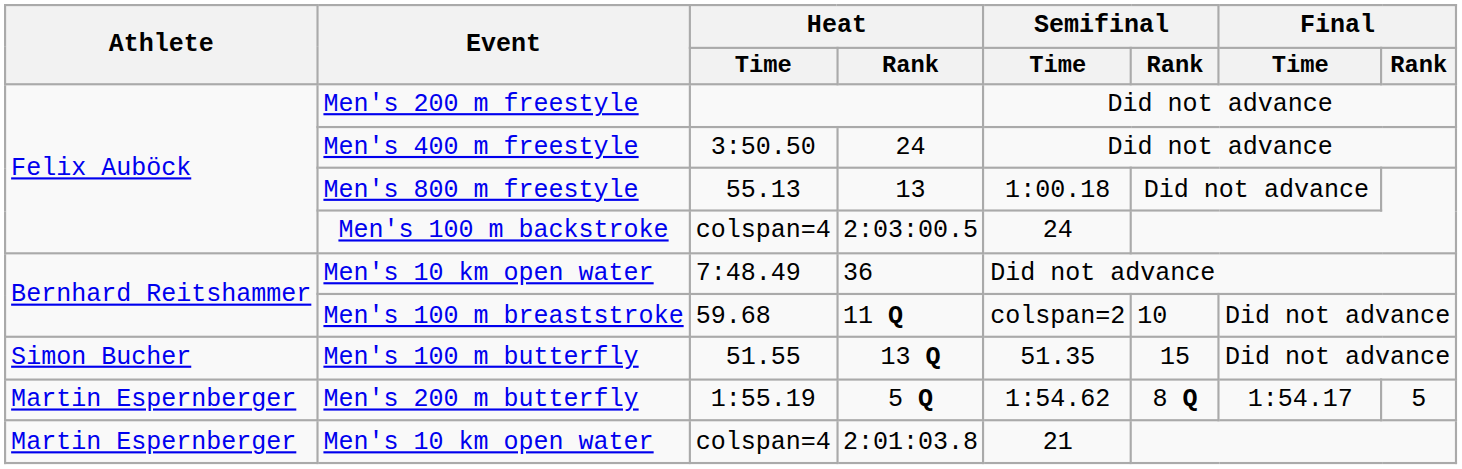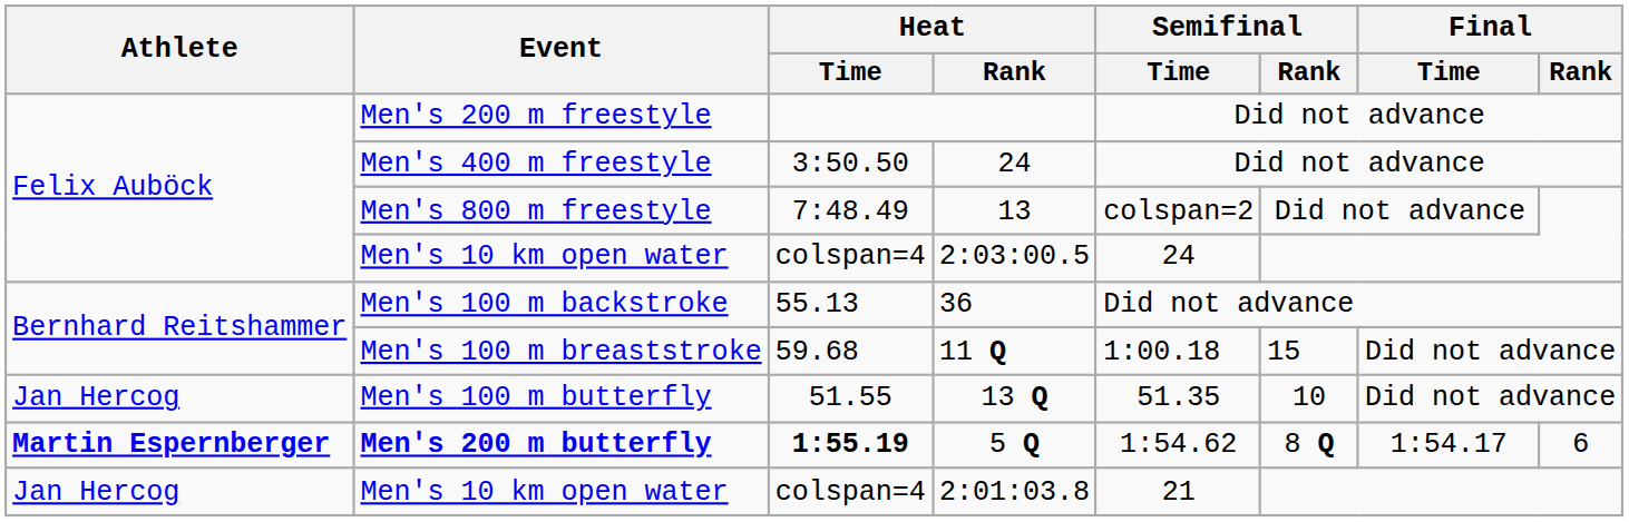 <table class=wikitable style="font-size:90%;">
 <tr>
 <th rowspan=2>Athlete</th>
 <th rowspan=2>Event</th>
 <th colspan=2>Heat</th>
 <th colspan=2>Semifinal</th>
 <th colspan=2>Final</th>
 </tr>
 <tr style="font-size:95%">
 <th>Time</th>
 <th>Rank</th>
 <th>Time</th>
 <th>Rank</th>
 <th>Time</th>
 <th>Rank</th>
 </tr>
 <tr align=center>
 <td align=left rowspan=4><a href='#'>Felix Auböck</a></td>
 <td align=left><a href='#'>Men's 200 m freestyle</a></td>
 <td colspan=2></td>
 <td colspan=4>Did not advance</td>
 </tr>
 <tr align=center>
 <td align=left><a href='#'>Men's 400 m freestyle</a></td>
 <td>3:50.50</td>
 <td>24</td>
 <td colspan=4>Did not advance</td>
 </tr>
 <tr align=center>
 <td align=left><a href='#'>Men's 800 m freestyle</a></td>
-<td>55.13</td>
+<td>7:48.49</td>
 <td>13</td>
-<td>1:00.18</td>
+<td>colspan=2 </td>
 <td colspan=2>Did not advance</td>
 </tr>
 <tr align=center>
-<td><a href='#'>Men's 100 m backstroke</a></td>
+<td align=left><a href='#'>Men's 10 km open water</a></td>
 <td>colspan=4 </td>
 <td>2:03:00.5</td>
 <td>24</td>
 </tr>
 <tr>
 <td rowspan="2"><a href='#'>Bernhard Reitshammer</a></td>
-<td align=left><a href='#'>Men's 10 km open water</a></td>
-<td>7:48.49</td>
+<td><a href='#'>Men's 100 m backstroke</a></td>
+<td>55.13</td>
 <td>36</td>
 <td colspan="4">Did not advance</td>
 </tr>
 <tr>
 <td><a href='#'>Men's 100 m breaststroke</a></td>
 <td>59.68</td>
 <td>11 <strong>Q</strong></td>
-<td>colspan=2 </td>
-<td>10</td>
+<td>1:00.18</td>
+<td>15</td>
 <td colspan="2">Did not advance</td>
 </tr>
 <tr align=center>
-<td align=left><a href='#'>Simon Bucher</a></td>
+<td align=left><a href='#'>Jan Hercog</a></td>
 <td align=left><a href='#'>Men's 100 m butterfly</a></td>
 <td>51.55</td>
 <td>13 <strong>Q</strong></td>
 <td>51.35</td>
-<td>15</td>
+<td>10</td>
 <td colspan=2>Did not advance</td>
 </tr>
 <tr align=center>
-<td align=left><a href='#'>Martin Espernberger</a></td>
-<td align=left><a href='#'>Men's 200 m butterfly</a></td>
-<td>1:55.19</td>
+<td align=left><strong><a href='#'>Martin Espernberger</a></strong></td>
+<td align=left><strong><a href='#'>Men's 200 m butterfly</a></strong></td>
+<td><strong>1:55.19</strong></td>
 <td>5 <strong>Q</strong></td>
 <td>1:54.62</td>
 <td>8 <strong>Q</strong></td>
 <td>1:54.17 <strong></strong></td>
-<td>5</td>
+<td>6</td>
 </tr>
 <tr align=center>
-<td align=left><a href='#'>Martin Espernberger</a></td>
+<td align=left><a href='#'>Jan Hercog</a></td>
 <td align=left><a href='#'>Men's 10 km open water</a></td>
 <td>colspan=4 </td>
 <td>2:01:03.8</td>
 <td>21</td>
 </tr>
 </table>
